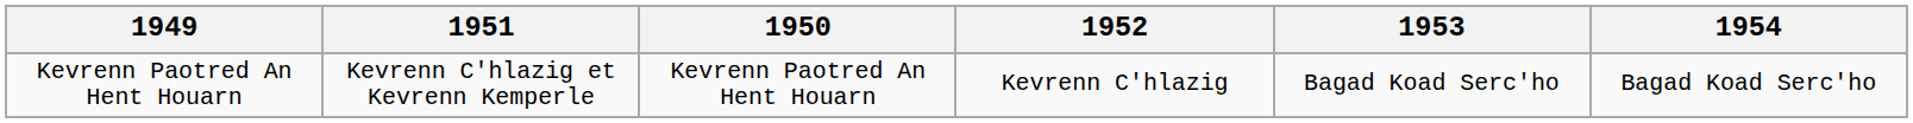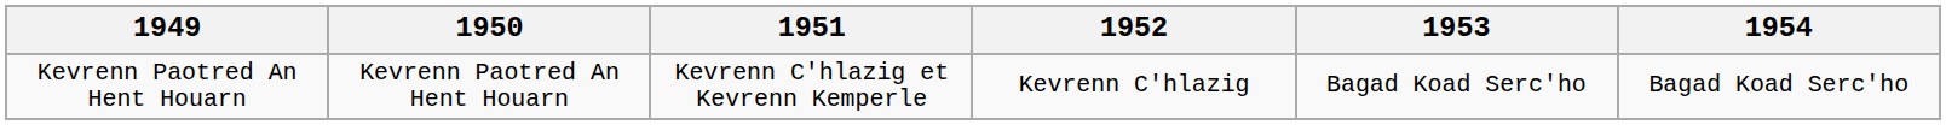 <table class="wikitable centre" width="800px" style="text-align:center;font-size:0.9em;table-layout:fixed;">
 <tr>
 <th scope="col">1949</th>
+<th scope="col">1950</th>
 <th scope="col">1951</th>
-<th scope="col">1950</th>
 <th scope="col">1952</th>
 <th scope="col">1953</th>
 <th scope="col">1954</th>
 </tr>
 <tr style="font-size:0.85em;">
 <td>Kevrenn Paotred An Hent Houarn</td>
+<td>Kevrenn Paotred An Hent Houarn</td>
 <td>Kevrenn C'hlazig et Kevrenn Kemperle</td>
-<td>Kevrenn Paotred An Hent Houarn</td>
 <td>Kevrenn C'hlazig</td>
 <td>Bagad Koad Serc'ho</td>
 <td>Bagad Koad Serc'ho</td>
 </tr>
 </table>
